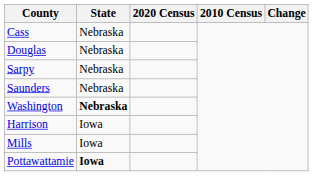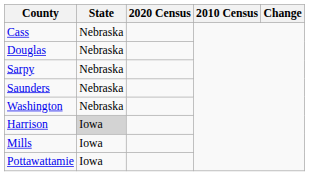 <table class="wikitable sortable" style="text-align:center">
 <tr>
 <th>County</th>
 <th>State</th>
 <th>2020 Census</th>
 <th>2010 Census</th>
 <th>Change</th>
 </tr>
 <tr>
 <td align=left><a href='#'>Cass</a></td>
 <td align=left>Nebraska</td>
 <td></td>
 </tr>
 <tr>
 <td align=left><a href='#'>Douglas</a></td>
 <td align=left>Nebraska</td>
 <td></td>
 </tr>
 <tr>
 <td align=left><a href='#'>Sarpy</a></td>
 <td align=left>Nebraska</td>
 <td></td>
 </tr>
 <tr>
 <td align=left><a href='#'>Saunders</a></td>
 <td align=left>Nebraska</td>
 <td></td>
 </tr>
 <tr>
 <td align=left><a href='#'>Washington</a></td>
-<td align=left><strong>Nebraska</strong></td>
+<td align=left>Nebraska</td>
 <td></td>
 </tr>
 <tr>
 <td align=left><a href='#'>Harrison</a></td>
-<td align=left>Iowa</td>
+<td align=left style="background: lightgrey;">Iowa</td>
 <td></td>
 </tr>
 <tr>
 <td align=left><a href='#'>Mills</a></td>
 <td align=left>Iowa</td>
 <td></td>
 </tr>
 <tr>
 <td align=left><a href='#'>Pottawattamie</a></td>
-<td align=left><strong>Iowa</strong></td>
+<td align=left>Iowa</td>
 <td></td>
 </tr>
 </table>
